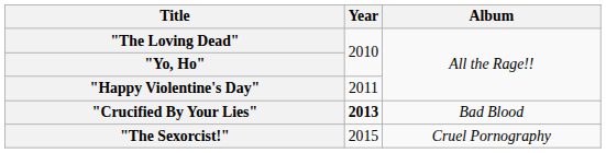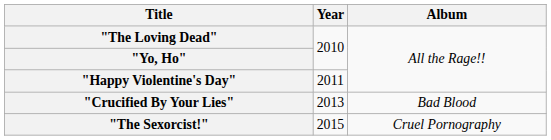 <table class="wikitable plainrowheaders" style="text-align:center;">
 <tr>
 <th scope="col" style="width:22em;">Title</th>
 <th scope="col">Year</th>
 <th scope="col" style="width:14em;">Album</th>
 </tr>
 <tr>
 <th scope="row">"The Loving Dead"</th>
 <td rowspan="2">2010</td>
 <td rowspan="3"><em>All the Rage!!</em></td>
 </tr>
 <tr>
 <th scope="row">"Yo, Ho"</th>
 </tr>
 <tr>
 <th scope="row">"Happy Violentine's Day"</th>
 <td>2011</td>
 </tr>
 <tr>
 <th scope="row">"Crucified By Your Lies"</th>
-<td><strong>2013</strong></td>
+<td>2013</td>
 <td><em>Bad Blood</em></td>
 </tr>
 <tr>
 <th scope="row">"The Sexorcist!"</th>
 <td rowspan="2">2015</td>
 <td rowspan="3"><em>Cruel Pornography</em></td>
 </tr>
 </table>
